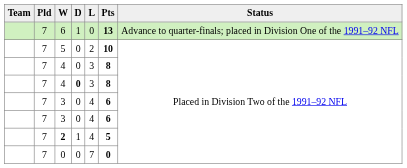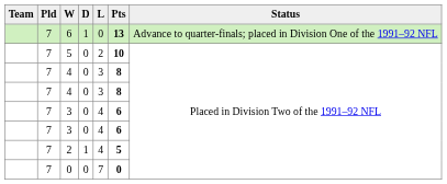 <table style=border-collapse:collapse border=1 cellspacing=0 cellpadding=5>
 <tr align=center bgcolor=#efefef>
 <th>Team</th>
 <th>Pld</th>
 <th>W</th>
 <th>D</th>
 <th>L</th>
 <th>Pts</th>
 <th>Status</th>
 </tr>
 <tr align=center style="background:#D0F0C0;">
 <td style="text-align:left;"> </td>
 <td>7</td>
 <td>6</td>
 <td>1</td>
 <td>0</td>
 <td><strong>13</strong></td>
 <td rowspan=1>Advance to quarter-finals; placed in Division One of the <a href='#'>1991–92 NFL</a></td>
 </tr>
 <tr align=center style="background:#FFFFFF;">
 <td style="text-align:left;"> </td>
 <td>7</td>
 <td>5</td>
 <td>0</td>
 <td>2</td>
 <td><strong>10</strong></td>
 <td rowspan=7>Placed in Division Two of the <a href='#'>1991–92 NFL</a></td>
 </tr>
 <tr align=center style="background:#FFFFFF;">
 <td style="text-align:left;"> </td>
 <td>7</td>
 <td>4</td>
 <td>0</td>
 <td>3</td>
 <td><strong>8</strong></td>
 </tr>
 <tr align=center style="background:#FFFFFF;">
 <td style="text-align:left;"> </td>
 <td>7</td>
 <td>4</td>
-<td><strong>0</strong></td>
+<td>0</td>
 <td>3</td>
 <td><strong>8</strong></td>
 </tr>
 <tr align=center style="background:#FFFFFF;">
 <td style="text-align:left;"> </td>
 <td>7</td>
 <td>3</td>
 <td>0</td>
 <td>4</td>
 <td><strong>6</strong></td>
 </tr>
 <tr align=center style="background:#FFFFFF;">
 <td style="text-align:left;"> </td>
 <td>7</td>
 <td>3</td>
 <td>0</td>
 <td>4</td>
 <td><strong>6</strong></td>
 </tr>
 <tr align=center style="background:#FFFFFF;">
 <td style="text-align:left;"> </td>
 <td>7</td>
-<td><strong>2</strong></td>
+<td>2</td>
 <td>1</td>
 <td>4</td>
 <td><strong>5</strong></td>
 </tr>
 <tr align=center style="background:#FFFFFF;">
 <td style="text-align:left;"> </td>
 <td>7</td>
 <td>0</td>
 <td>0</td>
 <td>7</td>
 <td><strong>0</strong></td>
 </tr>
 </table>
